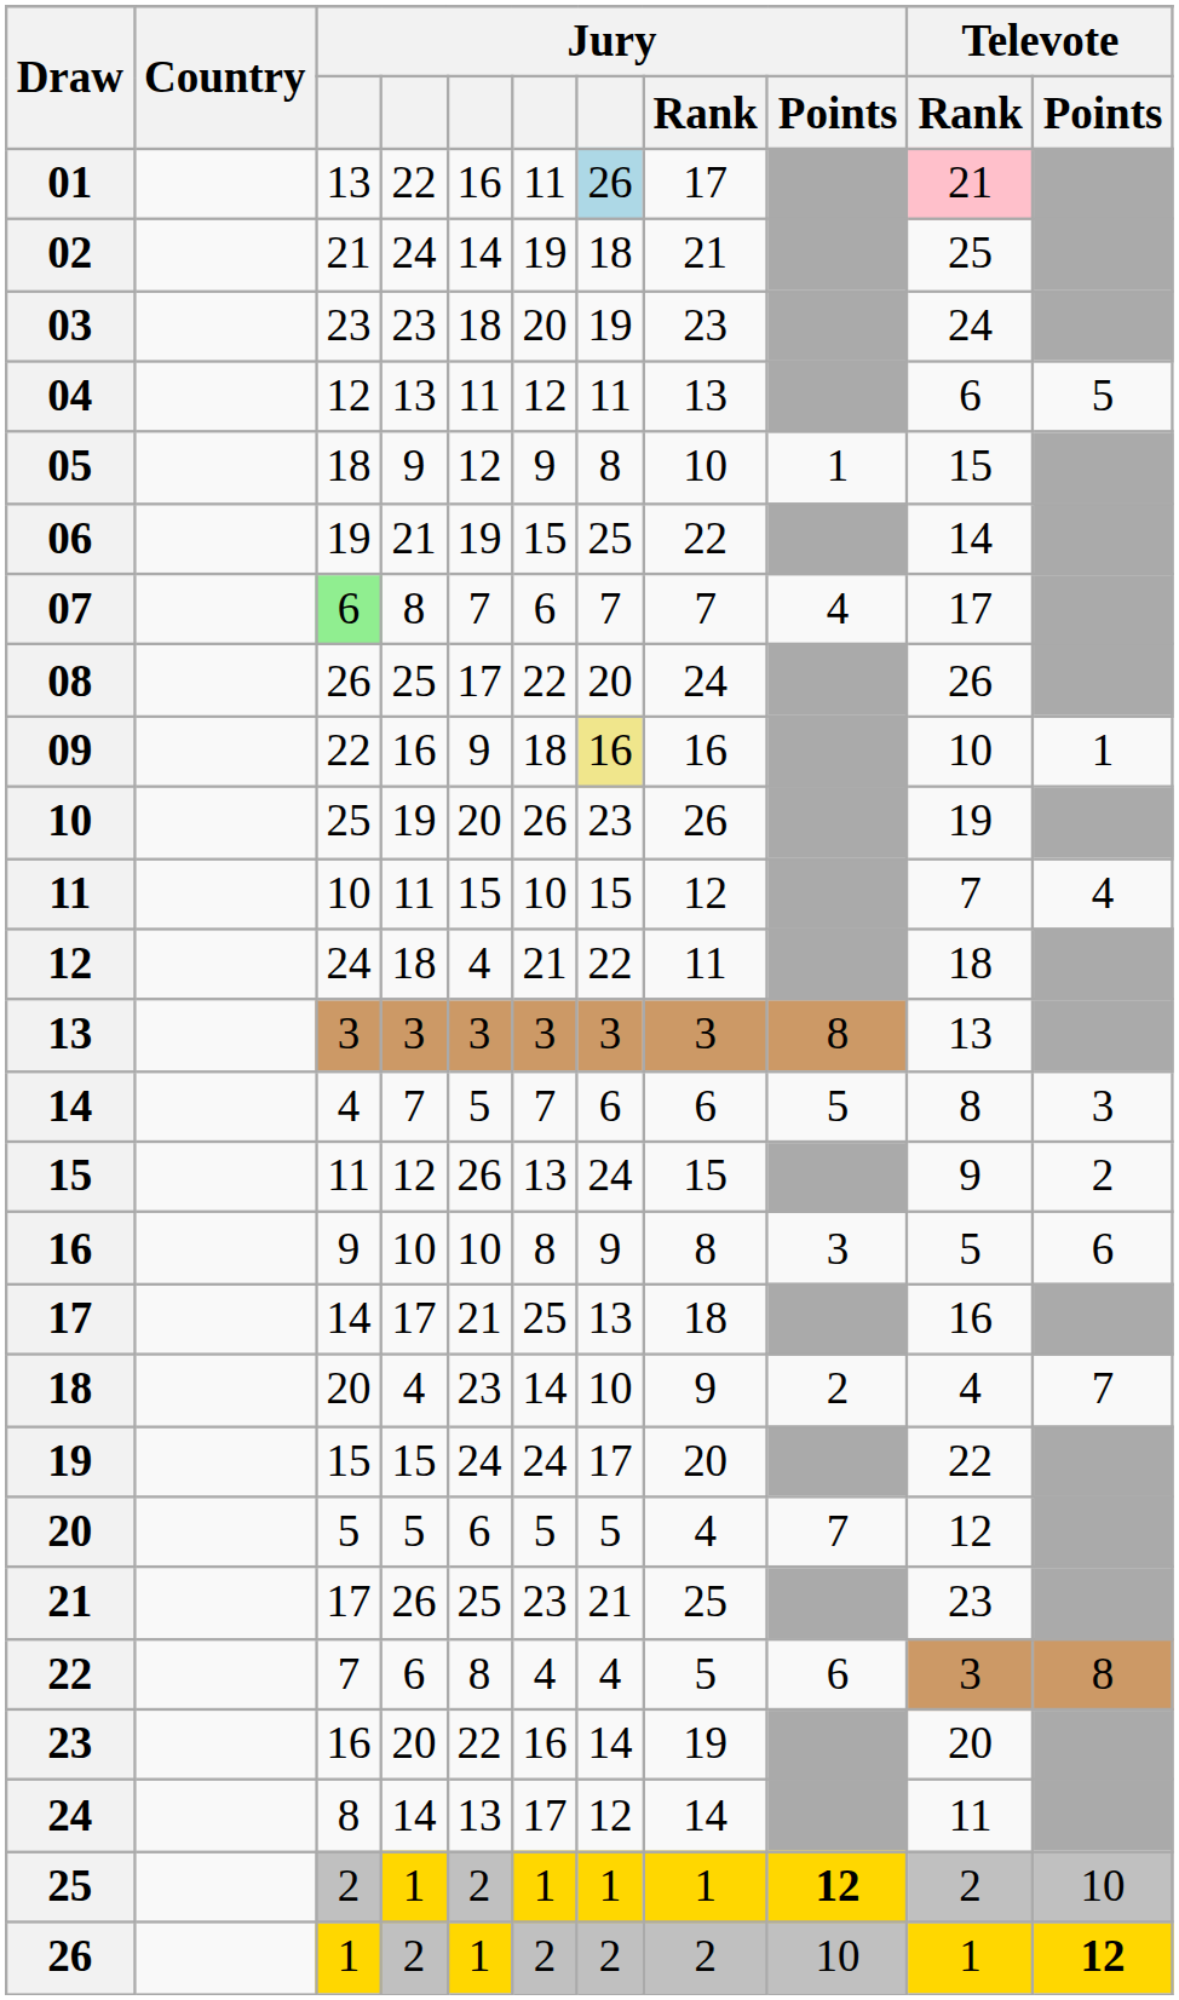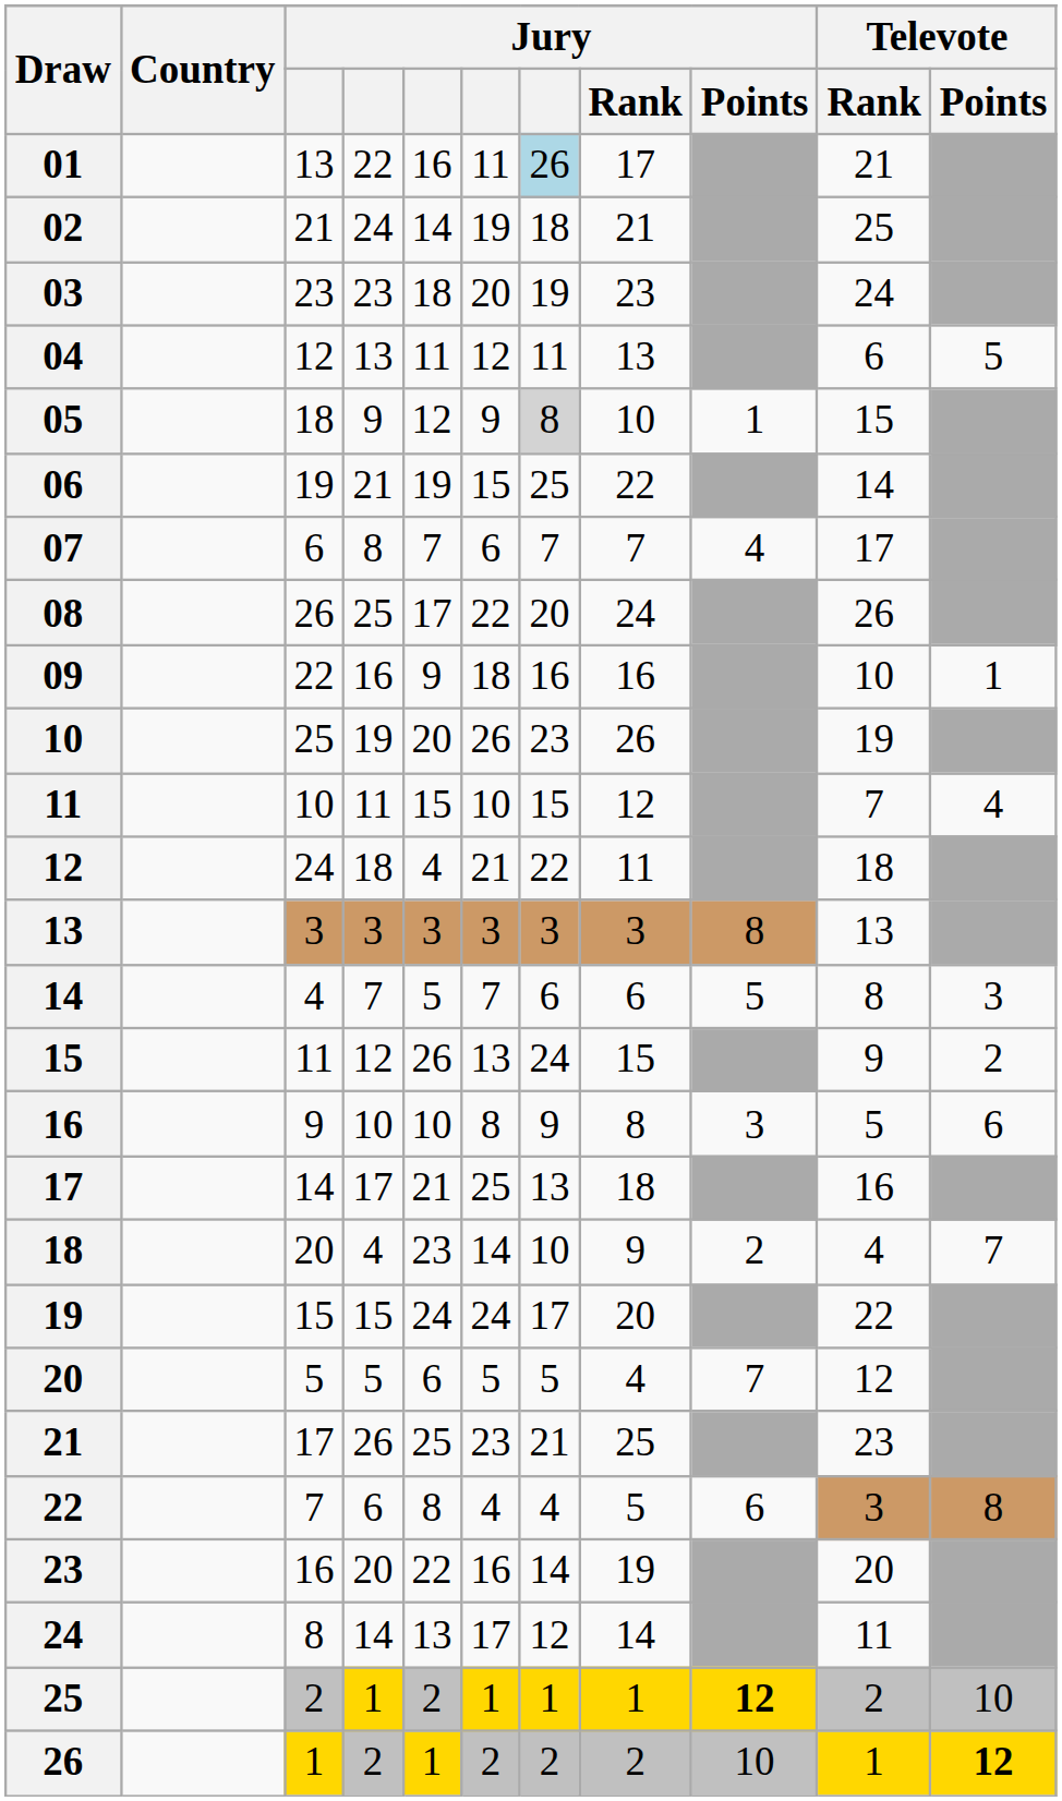 <table class="sortable wikitable collapsible plainrowheaders" style="text-align:center;">
 <tr>
 </tr>
 <tr>
 <th scope="col" rowspan="2">Draw</th>
 <th scope="col" rowspan="2">Country</th>
 <th scope="col" colspan="7">Jury</th>
 <th scope="col" colspan="2">Televote</th>
 </tr>
 <tr>
 <th scope="col"><small></small></th>
 <th scope="col"><small></small></th>
 <th scope="col"><small></small></th>
 <th scope="col"><small></small></th>
 <th scope="col"><small></small></th>
 <th scope="col">Rank</th>
 <th scope="col">Points</th>
 <th scope="col">Rank</th>
 <th scope="col">Points</th>
 </tr>
 <tr>
 <th scope="row" style="text-align:center;">01</th>
 <td style="text-align:left;"></td>
 <td>13</td>
 <td>22</td>
 <td>16</td>
 <td>11</td>
 <td style="background: lightblue;">26</td>
 <td>17</td>
 <td style="background:#AAAAAA;"></td>
-<td style="background: pink;">21</td>
+<td>21</td>
 <td style="background:#AAAAAA;"></td>
 </tr>
 <tr>
 <th scope="row" style="text-align:center;">02</th>
 <td style="text-align:left;"></td>
 <td>21</td>
 <td>24</td>
 <td>14</td>
 <td>19</td>
 <td>18</td>
 <td>21</td>
 <td style="background:#AAAAAA;"></td>
 <td>25</td>
 <td style="background:#AAAAAA;"></td>
 </tr>
 <tr>
 <th scope="row" style="text-align:center;">03</th>
 <td style="text-align:left;"></td>
 <td>23</td>
 <td>23</td>
 <td>18</td>
 <td>20</td>
 <td>19</td>
 <td>23</td>
 <td style="background:#AAAAAA;"></td>
 <td>24</td>
 <td style="background:#AAAAAA;"></td>
 </tr>
 <tr>
 <th scope="row" style="text-align:center;">04</th>
 <td style="text-align:left;"></td>
 <td>12</td>
 <td>13</td>
 <td>11</td>
 <td>12</td>
 <td>11</td>
 <td>13</td>
 <td style="background:#AAAAAA;"></td>
 <td>6</td>
 <td>5</td>
 </tr>
 <tr>
 <th scope="row" style="text-align:center;">05</th>
 <td style="text-align:left;"></td>
 <td>18</td>
 <td>9</td>
 <td>12</td>
 <td>9</td>
-<td>8</td>
+<td style="background: lightgrey;">8</td>
 <td>10</td>
 <td>1</td>
 <td>15</td>
 <td style="background:#AAAAAA;"></td>
 </tr>
 <tr>
 <th scope="row" style="text-align:center;">06</th>
 <td style="text-align:left;"></td>
 <td>19</td>
 <td>21</td>
 <td>19</td>
 <td>15</td>
 <td>25</td>
 <td>22</td>
 <td style="background:#AAAAAA;"></td>
 <td>14</td>
 <td style="background:#AAAAAA;"></td>
 </tr>
 <tr>
 <th scope="row" style="text-align:center;">07</th>
 <td style="text-align:left;"></td>
-<td style="background: lightgreen;">6</td>
+<td>6</td>
 <td>8</td>
 <td>7</td>
 <td>6</td>
 <td>7</td>
 <td>7</td>
 <td>4</td>
 <td>17</td>
 <td style="background:#AAAAAA;"></td>
 </tr>
 <tr>
 <th scope="row" style="text-align:center;">08</th>
 <td style="text-align:left;"></td>
 <td>26</td>
 <td>25</td>
 <td>17</td>
 <td>22</td>
 <td>20</td>
 <td>24</td>
 <td style="background:#AAAAAA;"></td>
 <td>26</td>
 <td style="background:#AAAAAA;"></td>
 </tr>
 <tr>
 <th scope="row" style="text-align:center;">09</th>
 <td style="text-align:left;"></td>
 <td>22</td>
 <td>16</td>
 <td>9</td>
 <td>18</td>
-<td style="background: khaki;">16</td>
+<td>16</td>
 <td>16</td>
 <td style="background:#AAAAAA;"></td>
 <td>10</td>
 <td>1</td>
 </tr>
 <tr>
 <th scope="row" style="text-align:center;">10</th>
 <td style="text-align:left;"></td>
 <td>25</td>
 <td>19</td>
 <td>20</td>
 <td>26</td>
 <td>23</td>
 <td>26</td>
 <td style="background:#AAAAAA;"></td>
 <td>19</td>
 <td style="background:#AAAAAA;"></td>
 </tr>
 <tr>
 <th scope="row" style="text-align:center;">11</th>
 <td style="text-align:left;"></td>
 <td>10</td>
 <td>11</td>
 <td>15</td>
 <td>10</td>
 <td>15</td>
 <td>12</td>
 <td style="background:#AAAAAA;"></td>
 <td>7</td>
 <td>4</td>
 </tr>
 <tr>
 <th scope="row" style="text-align:center;">12</th>
 <td style="text-align:left;"></td>
 <td>24</td>
 <td>18</td>
 <td>4</td>
 <td>21</td>
 <td>22</td>
 <td>11</td>
 <td style="background:#AAAAAA;"></td>
 <td>18</td>
 <td style="background:#AAAAAA;"></td>
 </tr>
 <tr>
 <th scope="row" style="text-align:center;">13</th>
 <td style="text-align:left;"></td>
 <td style="background:#CC9966;">3</td>
 <td style="background:#CC9966;">3</td>
 <td style="background:#CC9966;">3</td>
 <td style="background:#CC9966;">3</td>
 <td style="background:#CC9966;">3</td>
 <td style="background:#CC9966;">3</td>
 <td style="background:#CC9966;">8</td>
 <td>13</td>
 <td style="background:#AAAAAA;"></td>
 </tr>
 <tr>
 <th scope="row" style="text-align:center;">14</th>
 <td style="text-align:left;"></td>
 <td>4</td>
 <td>7</td>
 <td>5</td>
 <td>7</td>
 <td>6</td>
 <td>6</td>
 <td>5</td>
 <td>8</td>
 <td>3</td>
 </tr>
 <tr>
 <th scope="row" style="text-align:center;">15</th>
 <td style="text-align:left;"></td>
 <td>11</td>
 <td>12</td>
 <td>26</td>
 <td>13</td>
 <td>24</td>
 <td>15</td>
 <td style="background:#AAAAAA;"></td>
 <td>9</td>
 <td>2</td>
 </tr>
 <tr>
 <th scope="row" style="text-align:center;">16</th>
 <td style="text-align:left;"></td>
 <td>9</td>
 <td>10</td>
 <td>10</td>
 <td>8</td>
 <td>9</td>
 <td>8</td>
 <td>3</td>
 <td>5</td>
 <td>6</td>
 </tr>
 <tr>
 <th scope="row" style="text-align:center;">17</th>
 <td style="text-align:left;"></td>
 <td>14</td>
 <td>17</td>
 <td>21</td>
 <td>25</td>
 <td>13</td>
 <td>18</td>
 <td style="background:#AAAAAA;"></td>
 <td>16</td>
 <td style="background:#AAAAAA;"></td>
 </tr>
 <tr>
 <th scope="row" style="text-align:center;">18</th>
 <td style="text-align:left;"></td>
 <td>20</td>
 <td>4</td>
 <td>23</td>
 <td>14</td>
 <td>10</td>
 <td>9</td>
 <td>2</td>
 <td>4</td>
 <td>7</td>
 </tr>
 <tr>
 <th scope="row" style="text-align:center;">19</th>
 <td style="text-align:left;"></td>
 <td>15</td>
 <td>15</td>
 <td>24</td>
 <td>24</td>
 <td>17</td>
 <td>20</td>
 <td style="background:#AAAAAA;"></td>
 <td>22</td>
 <td style="background:#AAAAAA;"></td>
 </tr>
 <tr>
 <th scope="row" style="text-align:center;">20</th>
 <td style="text-align:left;"></td>
 <td>5</td>
 <td>5</td>
 <td>6</td>
 <td>5</td>
 <td>5</td>
 <td>4</td>
 <td>7</td>
 <td>12</td>
 <td style="background:#AAAAAA;"></td>
 </tr>
 <tr>
 <th scope="row" style="text-align:center;">21</th>
 <td style="text-align:left;"></td>
 <td>17</td>
 <td>26</td>
 <td>25</td>
 <td>23</td>
 <td>21</td>
 <td>25</td>
 <td style="background:#AAAAAA;"></td>
 <td>23</td>
 <td style="background:#AAAAAA;"></td>
 </tr>
 <tr>
 <th scope="row" style="text-align:center;">22</th>
 <td style="text-align:left;"></td>
 <td>7</td>
 <td>6</td>
 <td>8</td>
 <td>4</td>
 <td>4</td>
 <td>5</td>
 <td>6</td>
 <td style="background:#CC9966;">3</td>
 <td style="background:#CC9966;">8</td>
 </tr>
 <tr>
 <th scope="row" style="text-align:center;">23</th>
 <td style="text-align:left;"></td>
 <td>16</td>
 <td>20</td>
 <td>22</td>
 <td>16</td>
 <td>14</td>
 <td>19</td>
 <td style="background:#AAAAAA;"></td>
 <td>20</td>
 <td style="background:#AAAAAA;"></td>
 </tr>
 <tr>
 <th scope="row" style="text-align:center;">24</th>
 <td style="text-align:left;"></td>
 <td>8</td>
 <td>14</td>
 <td>13</td>
 <td>17</td>
 <td>12</td>
 <td>14</td>
 <td style="background:#AAAAAA;"></td>
 <td>11</td>
 <td style="background:#AAAAAA;"></td>
 </tr>
 <tr>
 <th scope="row" style="text-align:center;">25</th>
 <td style="text-align:left;"></td>
 <td style="background:silver;">2</td>
 <td style="background:gold;">1</td>
 <td style="background:silver;">2</td>
 <td style="background:gold;">1</td>
 <td style="background:gold;">1</td>
 <td style="background:gold;">1</td>
 <td style="background:gold;"><strong>12</strong></td>
 <td style="background:silver;">2</td>
 <td style="background:silver;">10</td>
 </tr>
 <tr>
 <th scope="row" style="text-align:center;">26</th>
 <td style="text-align:left;"></td>
 <td style="background:gold;">1</td>
 <td style="background:silver;">2</td>
 <td style="background:gold;">1</td>
 <td style="background:silver;">2</td>
 <td style="background:silver;">2</td>
 <td style="background:silver;">2</td>
 <td style="background:silver;">10</td>
 <td style="background:gold;">1</td>
 <td style="background:gold;"><strong>12</strong></td>
 </tr>
 </table>
